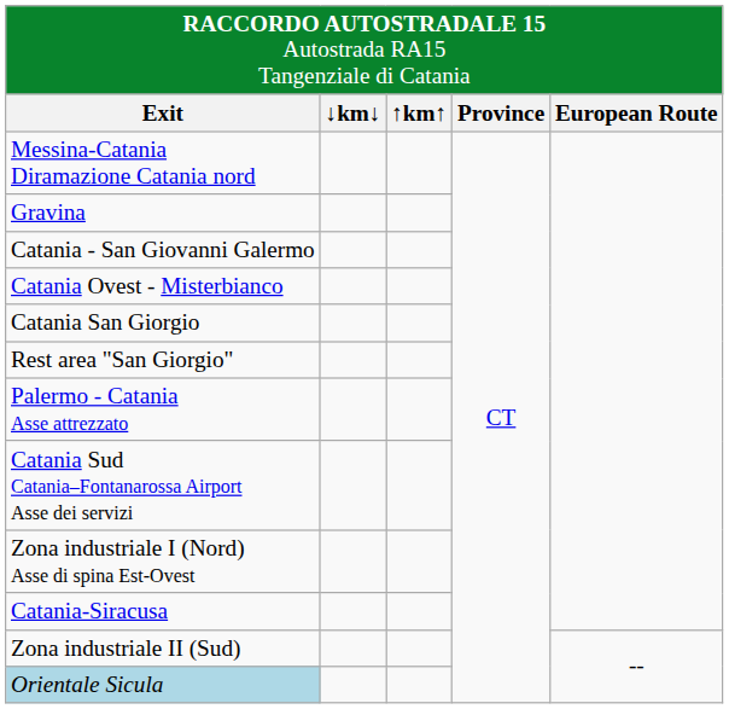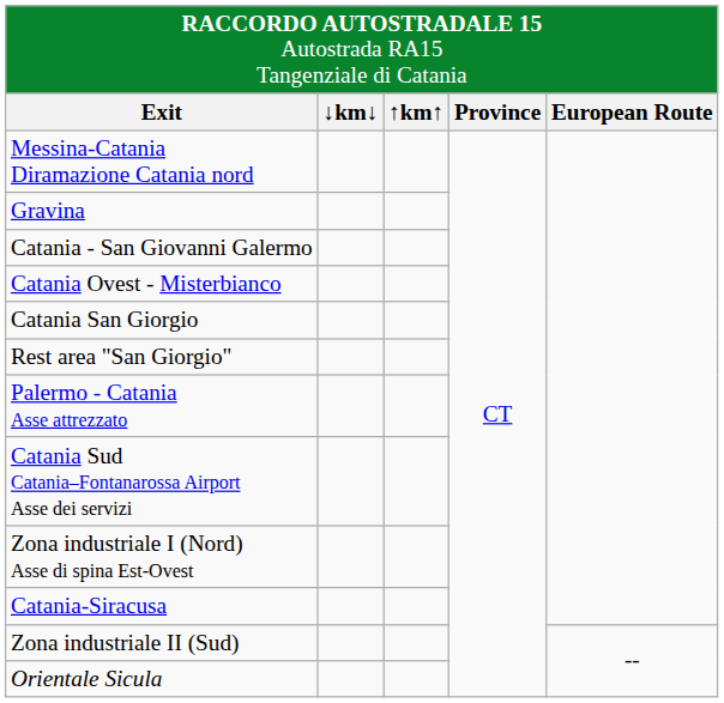 <table class="wikitable" border="1">
 <tr align="center" bgcolor="08842C" style="color: white;font-size:100%;">
 <td colspan="6"><strong> RACCORDO AUTOSTRADALE 15</strong><br>Autostrada RA15<br>Tangenziale di Catania</td>
 </tr>
 <tr>
 <th style="text-align:center;"><strong>Exit</strong></th>
 <th align="center"><strong>↓km↓</strong></th>
 <th align="center"><strong>↑km↑</strong></th>
 <th align="center"><strong>Province</strong></th>
 <th align="center"><strong>European Route</strong></th>
 </tr>
 <tr>
 <td>   <a href='#'>Messina-Catania</a><br>   <a href='#'>Diramazione Catania nord</a></td>
 <td align="right"></td>
 <td align="right"></td>
 <td align="center" rowspan=12><a href='#'>CT</a></td>
 <td align="center" rowspan=10></td>
 </tr>
 <tr>
 <td> <a href='#'>Gravina</a></td>
 <td align="right"></td>
 <td align="right"></td>
 </tr>
 <tr>
 <td> Catania - San Giovanni Galermo</td>
 <td align="right"></td>
 <td align="right"></td>
 </tr>
 <tr>
 <td> <a href='#'>Catania</a> Ovest - <a href='#'>Misterbianco</a></td>
 <td align="right"></td>
 <td align="right"></td>
 </tr>
 <tr>
 <td> Catania San Giorgio</td>
 <td align="right"></td>
 <td align="right"></td>
 </tr>
 <tr>
 <td>  Rest area "San Giorgio"</td>
 <td align="right"></td>
 <td align="right"></td>
 </tr>
 <tr>
 <td>   <a href='#'>Palermo - Catania</a><small><br> <a href='#'>Asse attrezzato</a></small></td>
 <td align="right"></td>
 <td align="right"></td>
 </tr>
 <tr>
 <td> <a href='#'>Catania</a> Sud<small><br> <a href='#'>Catania–Fontanarossa Airport</a><br>Asse dei servizi</small></td>
 <td align="right"></td>
 <td align="right"></td>
 </tr>
 <tr>
 <td> Zona industriale I (Nord)<small><br>Asse di spina Est-Ovest</small></td>
 <td align="right"></td>
 <td align="right"></td>
 </tr>
 <tr>
 <td>   <a href='#'>Catania-Siracusa</a></td>
 <td align="right"></td>
 <td align="right"></td>
 </tr>
 <tr>
 <td> Zona industriale II (Sud)</td>
 <td align="right"></td>
 <td align="right"></td>
 <td align="center" rowspan=2>--</td>
 </tr>
 <tr>
-<td style="background: lightblue;">    <em>Orientale Sicula</em></td>
+<td>    <em>Orientale Sicula</em></td>
 <td align="right"></td>
 <td align="right"></td>
 </tr>
 </table>
